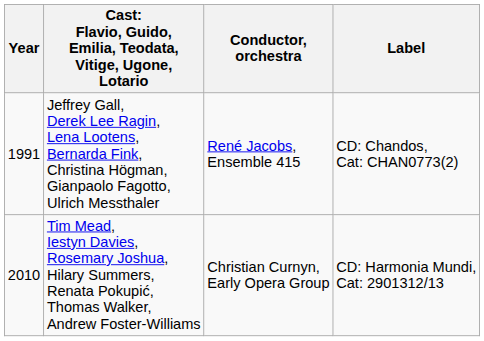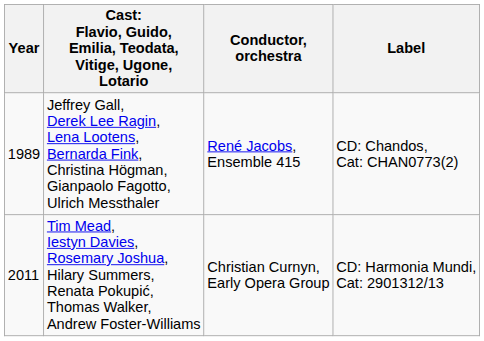 <table class="wikitable">
 <tr>
 <th>Year</th>
 <th>Cast:<br>Flavio, Guido,<br>Emilia, Teodata,<br>Vitige, Ugone,<br>Lotario</th>
 <th>Conductor,<br>orchestra</th>
 <th>Label</th>
 </tr>
 <tr>
-<td>1991</td>
+<td>1989</td>
 <td>Jeffrey Gall,<br><a href='#'>Derek Lee Ragin</a>,<br><a href='#'>Lena Lootens</a>,<br><a href='#'>Bernarda Fink</a>,<br> Christina Högman,<br>Gianpaolo Fagotto,<br>Ulrich Messthaler</td>
 <td><a href='#'>René Jacobs</a>,<br>Ensemble 415</td>
 <td>CD: Chandos,<br>Cat: CHAN0773(2)</td>
 </tr>
 <tr>
-<td>2010</td>
+<td>2011</td>
 <td><a href='#'>Tim Mead</a>,<br><a href='#'>Iestyn Davies</a>,<br><a href='#'>Rosemary Joshua</a>,<br>Hilary Summers,<br>Renata Pokupić,<br>Thomas Walker,<br>Andrew Foster-Williams</td>
 <td>Christian Curnyn,<br>Early Opera Group</td>
 <td>CD: Harmonia Mundi,<br>Cat: 2901312/13</td>
 </tr>
 </table>
